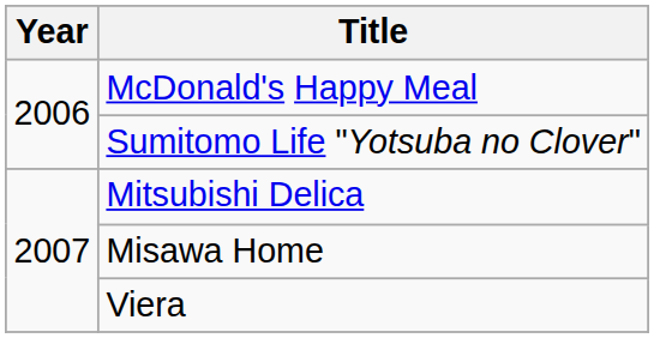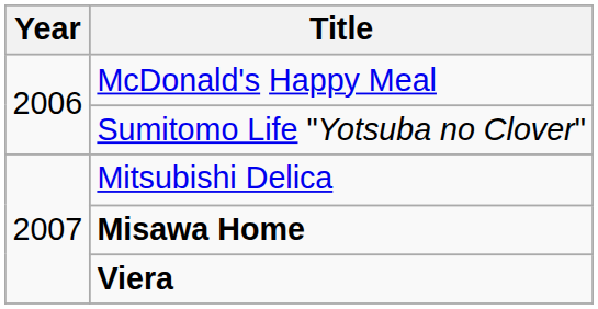 <table class="wikitable">
 <tr>
 <th>Year</th>
 <th>Title</th>
 </tr>
 <tr>
 <td rowspan="2">2006</td>
 <td><a href='#'>McDonald's</a> <a href='#'>Happy Meal</a></td>
 </tr>
 <tr>
 <td><a href='#'>Sumitomo Life</a> "<em>Yotsuba no Clover</em>"</td>
 </tr>
 <tr>
 <td rowspan="3">2007</td>
 <td><a href='#'>Mitsubishi Delica</a></td>
 </tr>
 <tr>
-<td>Misawa Home</td>
+<td><strong>Misawa Home</strong></td>
 </tr>
 <tr>
-<td>Viera</td>
+<td><strong>Viera</strong></td>
 </tr>
 </table>
